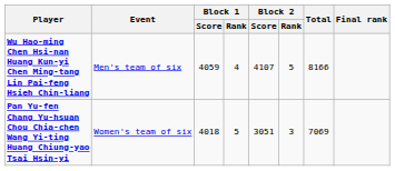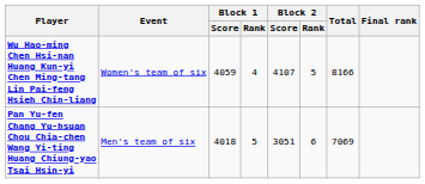 <table class="wikitable" style="text-align:center; font-size:90%">
 <tr>
 <th rowspan="2">Player</th>
 <th rowspan="2">Event</th>
 <th colspan="2">Block 1</th>
 <th colspan="2">Block 2</th>
 <th rowspan="2">Total</th>
 <th rowspan="2">Final rank</th>
 </tr>
 <tr>
 <th>Score</th>
 <th>Rank</th>
 <th>Score</th>
 <th>Rank</th>
 </tr>
 <tr>
 <td align="left"><strong><a href='#'>Wu Hao-ming</a> <br> <a href='#'>Chen Hsi-nan</a> <br> <a href='#'>Huang Kun-yi</a> <br> <a href='#'>Chen Ming-tang</a> <br> <a href='#'>Lin Pai-feng</a> <br> <a href='#'>Hsieh Chin-liang</a></strong></td>
-<td align="left"><a href='#'>Men's team of six</a></td>
+<td align="left"><a href='#'>Women's team of six</a></td>
 <td>4059</td>
 <td>4</td>
 <td>4107</td>
 <td>5</td>
 <td>8166</td>
 <td></td>
 </tr>
 <tr>
 <td align="left"><strong><a href='#'>Pan Yu-fen</a> <br> <a href='#'>Chang Yu-hsuan</a> <br> <a href='#'>Chou Chia-chen</a> <br> <a href='#'>Wang Yi-ting</a> <br> <a href='#'>Huang Chiung-yao</a> <br> <a href='#'>Tsai Hsin-yi</a></strong></td>
-<td align="left"><a href='#'>Women's team of six</a></td>
+<td align="left"><a href='#'>Men's team of six</a></td>
 <td>4018</td>
 <td>5</td>
 <td>3051</td>
-<td>3</td>
+<td>6</td>
 <td>7069</td>
 <td></td>
 </tr>
 </table>
